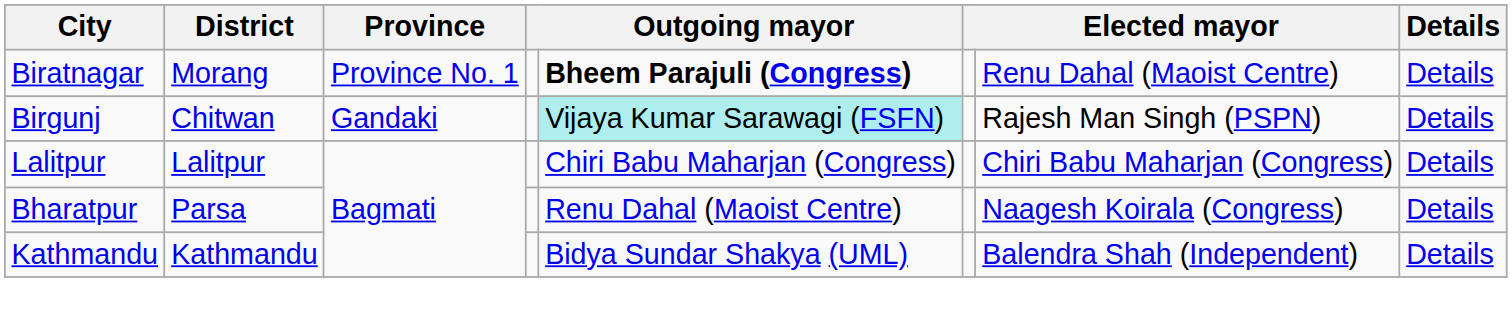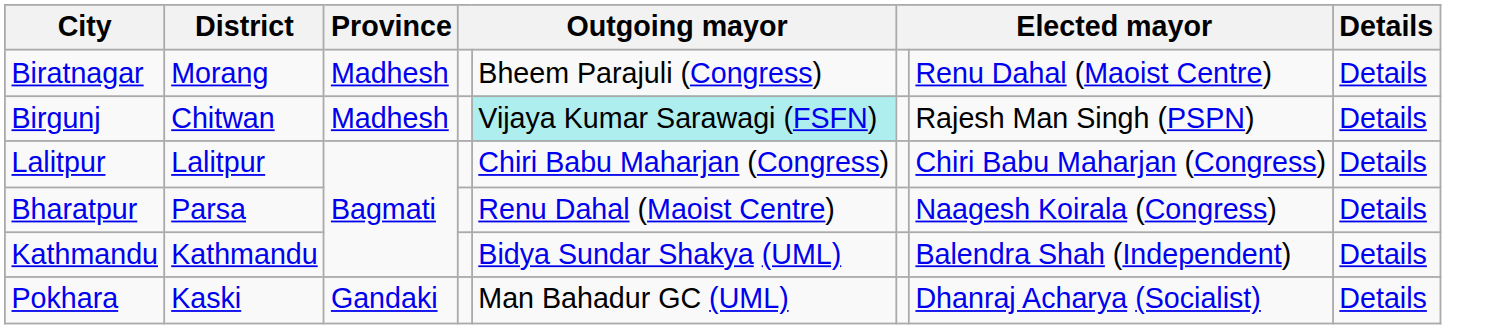 <table class="wikitable sortable">
 <tr>
 <th>City</th>
 <th>District</th>
 <th>Province</th>
 <th colspan="2" columnspan="2">Outgoing mayor</th>
 <th colspan="2"  columnspan="2">Elected mayor</th>
 <th>Details</th>
 </tr>
 <tr>
 <td><a href='#'>Biratnagar</a></td>
 <td><a href='#'>Morang</a></td>
-<td><a href='#'>Province No. 1</a></td>
+<td><a href='#'>Madhesh</a></td>
 <td></td>
-<td><strong>Bheem Parajuli (<a href='#'>Congress</a>)</strong></td>
+<td>Bheem Parajuli (<a href='#'>Congress</a>)</td>
 <td></td>
 <td><a href='#'>Renu Dahal</a> (<a href='#'>Maoist Centre</a>)</td>
 <td><a href='#'>Details</a></td>
 </tr>
 <tr>
 <td><a href='#'>Birgunj</a></td>
 <td><a href='#'>Chitwan</a></td>
-<td><a href='#'>Gandaki</a></td>
+<td><a href='#'>Madhesh</a></td>
 <td></td>
 <td style="background: paleturquoise;">Vijaya Kumar Sarawagi (<a href='#'>FSFN</a>)</td>
 <td></td>
 <td>Rajesh Man Singh (<a href='#'>PSPN</a>)</td>
 <td><a href='#'>Details</a></td>
 </tr>
 <tr>
 <td><a href='#'>Lalitpur</a></td>
 <td><a href='#'>Lalitpur</a></td>
 <td rowspan="3"><a href='#'>Bagmati</a></td>
 <td></td>
 <td><a href='#'>Chiri Babu Maharjan</a> (<a href='#'>Congress</a>)</td>
 <td></td>
 <td><a href='#'>Chiri Babu Maharjan</a> (<a href='#'>Congress</a>)</td>
 <td><a href='#'>Details</a></td>
 </tr>
 <tr>
 <td><a href='#'>Bharatpur</a></td>
 <td><a href='#'>Parsa</a></td>
 <td></td>
 <td><a href='#'>Renu Dahal</a> (<a href='#'>Maoist Centre</a>)</td>
 <td></td>
 <td><a href='#'>Naagesh Koirala</a> (<a href='#'>Congress</a>)</td>
 <td><a href='#'>Details</a></td>
 </tr>
 <tr>
 <td><a href='#'>Kathmandu</a></td>
 <td><a href='#'>Kathmandu</a></td>
 <td></td>
 <td><a href='#'>Bidya Sundar Shakya</a> <a href='#'>(UML)</a></td>
 <td></td>
 <td><a href='#'>Balendra Shah</a> (<a href='#'>Independent</a>)</td>
 <td><a href='#'>Details</a></td>
 </tr>
+<tr>
+<td><a href='#'>Pokhara</a></td>
+<td><a href='#'>Kaski</a></td>
+<td><a href='#'>Gandaki</a></td>
+<td></td>
+<td>Man Bahadur GC <a href='#'>(UML)</a></td>
+<td></td>
+<td><a href='#'>Dhanraj Acharya</a> <a href='#'>(Socialist)</a></td>
+<td><a href='#'>Details</a></td>
+</tr>
 </table>
